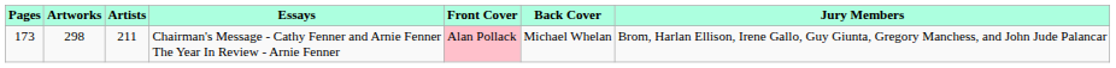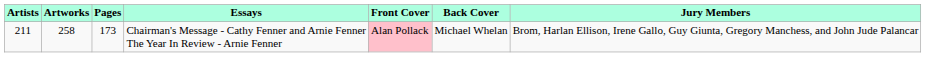 <table class="wikitable">
 <tr>
+<th style="background:#acffdf">Artists</th>
+<th style="background:#acffdf">Artworks</th>
 <th style="background:#acffdf">Pages</th>
-<th style="background:#acffdf">Artworks</th>
-<th style="background:#acffdf">Artists</th>
 <th style="background:#acffdf">Essays</th>
 <th style="background:#acffdf">Front Cover</th>
 <th style="background:#acffdf">Back Cover</th>
 <th style="background:#acffdf">Jury Members</th>
 </tr>
 <tr valign="top">
+<td align="center">211</td>
+<td align="center">258</td>
 <td align="center">173</td>
-<td align="center">298</td>
-<td align="center">211</td>
 <td>Chairman's Message - Cathy Fenner and Arnie Fenner<br>The Year In Review - Arnie Fenner</td>
 <td style="background: pink;">Alan Pollack</td>
 <td>Michael Whelan</td>
 <td>Brom, Harlan Ellison, Irene Gallo, Guy Giunta, Gregory Manchess, and John Jude Palancar</td>
 </tr>
 </table>
